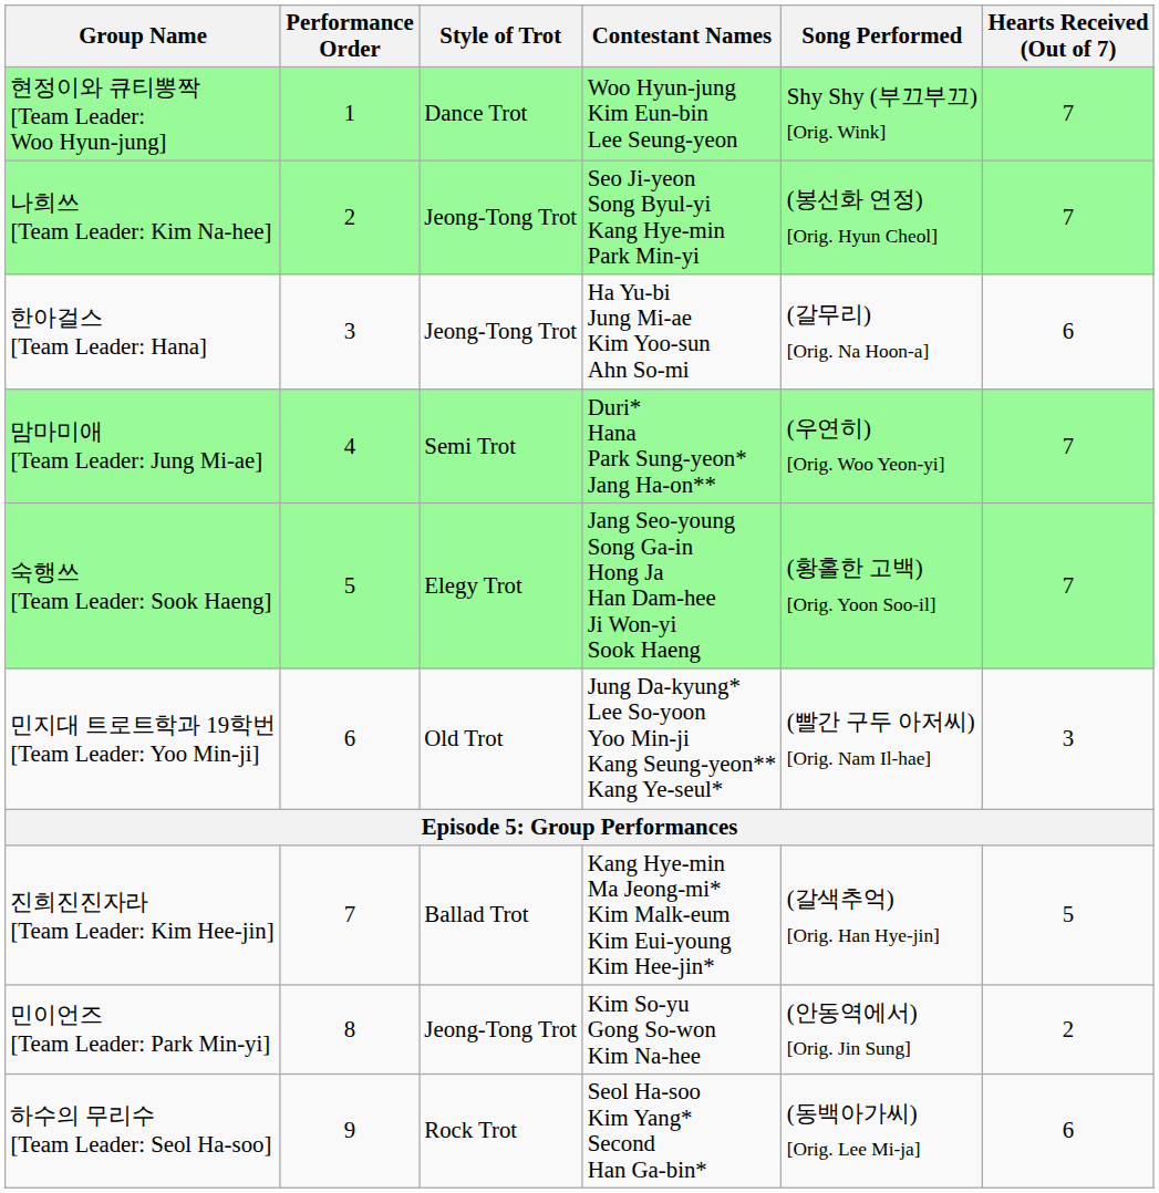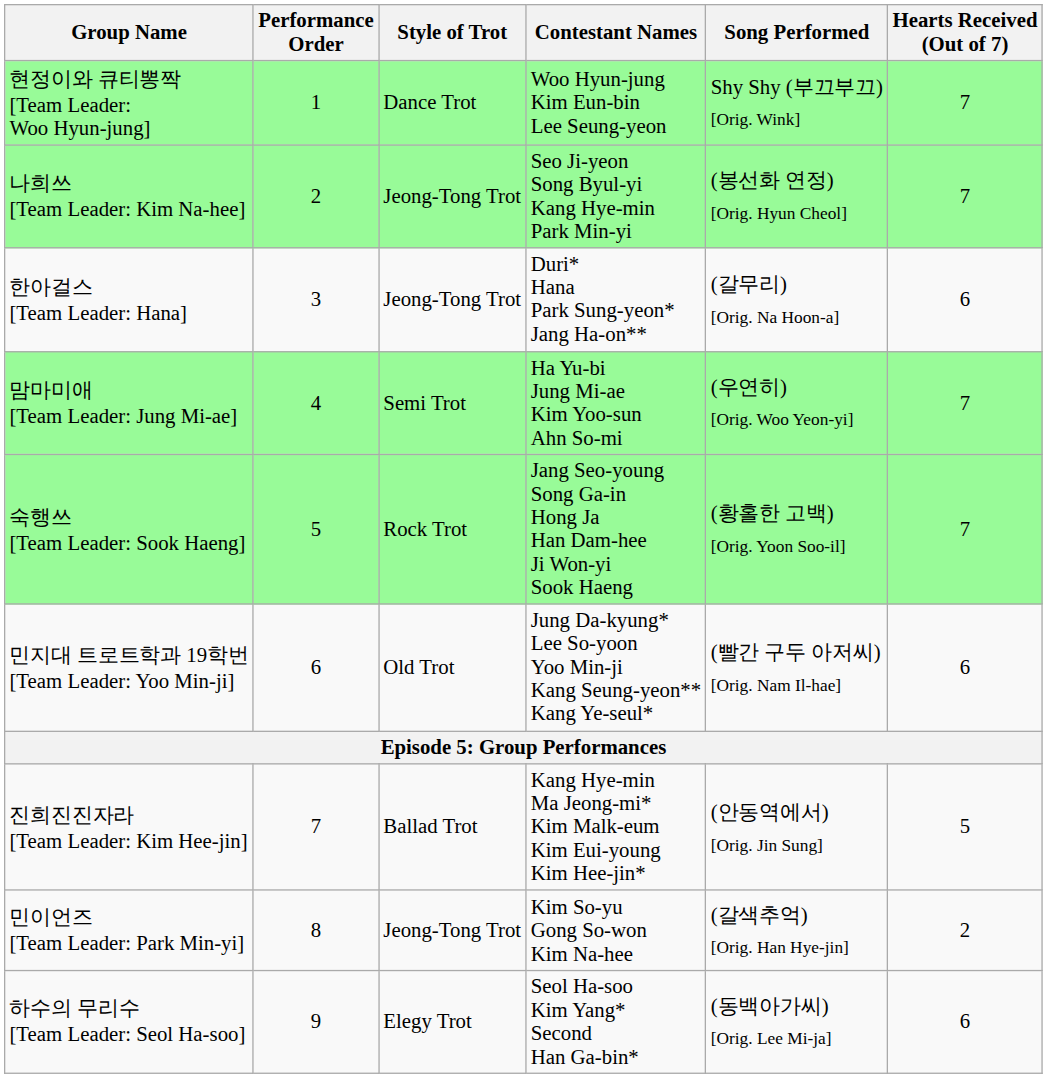 <table class="wikitable">
 <tr>
 <th>Group Name</th>
 <th>Performance<br>Order</th>
 <th>Style of Trot</th>
 <th>Contestant Names</th>
 <th>Song Performed</th>
 <th>Hearts Received<br>(Out of 7)</th>
 </tr>
 <tr bgcolor="palegreen">
 <td>현정이와 큐티뽕짝<br>[Team Leader:<br>Woo Hyun-jung]</td>
 <td align=center>1</td>
 <td>Dance Trot</td>
 <td>Woo Hyun-jung<br>Kim Eun-bin<br>Lee Seung-yeon</td>
 <td>Shy Shy (부끄부끄)<br><sub>[Orig. Wink]</sub></td>
 <td align=center>7</td>
 </tr>
 <tr bgcolor="palegreen">
 <td>나희쓰<br>[Team Leader: Kim Na-hee]</td>
 <td align=center>2</td>
 <td>Jeong-Tong Trot</td>
 <td>Seo Ji-yeon<br>Song Byul-yi<br>Kang Hye-min<br>Park Min-yi</td>
 <td>(봉선화 연정)<br><sub>[Orig. Hyun Cheol]</sub></td>
 <td align=center>7</td>
 </tr>
 <tr>
 <td>한아걸스<br>[Team Leader: Hana]</td>
 <td align=center>3</td>
 <td>Jeong-Tong Trot</td>
-<td>Ha Yu-bi<br>Jung Mi-ae<br>Kim Yoo-sun<br>Ahn So-mi</td>
+<td>Duri*<br>Hana<br>Park Sung-yeon*<br>Jang Ha-on**</td>
 <td>(갈무리)<br><sub>[Orig. Na Hoon-a]</sub></td>
 <td align=center>6</td>
 </tr>
 <tr bgcolor="palegreen">
 <td>맘마미애<br>[Team Leader: Jung Mi-ae]</td>
 <td align=center>4</td>
 <td>Semi Trot</td>
-<td>Duri*<br>Hana<br>Park Sung-yeon*<br>Jang Ha-on**</td>
+<td>Ha Yu-bi<br>Jung Mi-ae<br>Kim Yoo-sun<br>Ahn So-mi</td>
 <td>(우연히)<br><sub>[Orig. Woo Yeon-yi]</sub></td>
 <td align=center>7</td>
 </tr>
 <tr bgcolor="palegreen">
 <td>숙행쓰<br>[Team Leader: Sook Haeng]</td>
 <td align=center>5</td>
-<td>Elegy Trot</td>
+<td>Rock Trot</td>
 <td>Jang Seo-young<br>Song Ga-in<br>Hong Ja<br>Han Dam-hee<br>Ji Won-yi<br>Sook Haeng</td>
 <td>(황홀한 고백)<br><sub>[Orig. Yoon Soo-il]</sub></td>
 <td align=center>7</td>
 </tr>
 <tr>
 <td>민지대 트로트학과 19학번<br>[Team Leader: Yoo Min-ji]</td>
 <td align=center>6</td>
 <td>Old Trot</td>
 <td>Jung Da-kyung*<br>Lee So-yoon<br>Yoo Min-ji<br>Kang Seung-yeon**<br>Kang Ye-seul*</td>
 <td>(빨간 구두 아저씨)<br><sub>[Orig. Nam Il-hae]</sub></td>
-<td align=center>3</td>
+<td align=center>6</td>
 </tr>
 <tr>
 <th colspan=6>Episode 5: Group Performances</th>
 </tr>
 <tr>
 <td>진희진진자라<br>[Team Leader: Kim Hee-jin]</td>
 <td align=center>7</td>
 <td>Ballad Trot</td>
 <td>Kang Hye-min<br>Ma Jeong-mi*<br>Kim Malk-eum<br>Kim Eui-young<br>Kim Hee-jin*</td>
-<td>(갈색추억)<br><sub>[Orig. Han Hye-jin]</sub></td>
+<td>(안동역에서)<br><sub>[Orig. Jin Sung]</sub></td>
 <td align=center>5</td>
 </tr>
 <tr>
 <td>민이언즈<br>[Team Leader: Park Min-yi]</td>
 <td align=center>8</td>
 <td>Jeong-Tong Trot</td>
 <td>Kim So-yu<br>Gong So-won<br>Kim Na-hee</td>
-<td>(안동역에서)<br><sub>[Orig. Jin Sung]</sub></td>
+<td>(갈색추억)<br><sub>[Orig. Han Hye-jin]</sub></td>
 <td align=center>2</td>
 </tr>
 <tr>
 <td>하수의 무리수<br>[Team Leader: Seol Ha-soo]</td>
 <td align=center>9</td>
-<td>Rock Trot</td>
+<td>Elegy Trot</td>
 <td>Seol Ha-soo<br>Kim Yang*<br>Second<br>Han Ga-bin*</td>
 <td>(동백아가씨)<br><sub>[Orig. Lee Mi-ja]</sub></td>
 <td align=center>6</td>
 </tr>
 </table>
